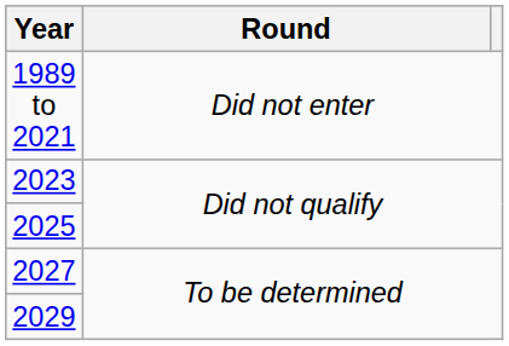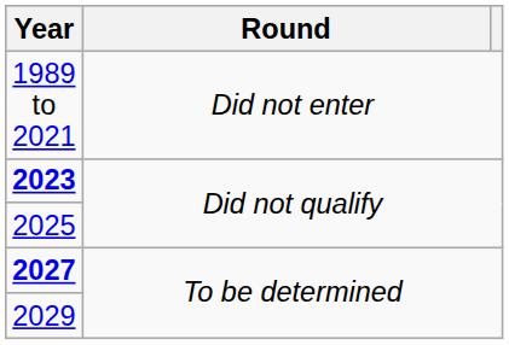 <table class="wikitable" style="text-align: center; font-size:90%">
 <tr>
 <th>Year</th>
 <th style="width:200px">Round</th>
 <th></th>
 </tr>
 <tr>
 <td><a href='#'>1989</a><br>to<br><a href='#'>2021</a></td>
 <td colspan="2"><em>Did not enter</em></td>
 </tr>
 <tr>
-<td><a href='#'>2023</a></td>
+<td><strong><a href='#'>2023</a></strong></td>
 <td colspan="2" rowspan="2"><em>Did not qualify</em></td>
 </tr>
 <tr>
 <td><a href='#'>2025</a></td>
 </tr>
 <tr>
-<td><a href='#'>2027</a></td>
+<td><strong><a href='#'>2027</a></strong></td>
 <td colspan="2" rowspan="2"><em>To be determined</em></td>
 </tr>
 <tr>
 <td><a href='#'>2029</a></td>
 </tr>
 </table>
